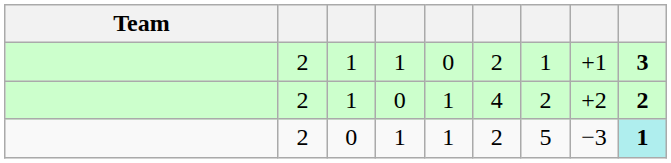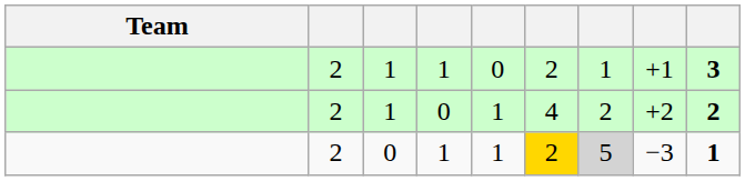 <table class="wikitable" style="text-align:center">
 <tr>
 <th width=175>Team</th>
 <th width=25></th>
 <th width=25></th>
 <th width=25></th>
 <th width=25></th>
 <th width=25></th>
 <th width=25></th>
 <th width=25></th>
 <th width=25></th>
 </tr>
 <tr bgcolor=ccffcc>
 <td style="text-align:left;"></td>
 <td>2</td>
 <td>1</td>
 <td>1</td>
 <td>0</td>
 <td>2</td>
 <td>1</td>
 <td>+1</td>
 <td><strong>3</strong></td>
 </tr>
 <tr bgcolor=ccffcc>
 <td style="text-align:left;"></td>
 <td>2</td>
 <td>1</td>
 <td>0</td>
 <td>1</td>
 <td>4</td>
 <td>2</td>
 <td>+2</td>
 <td><strong>2</strong></td>
 </tr>
 <tr>
 <td style="text-align:left;"></td>
 <td>2</td>
 <td>0</td>
 <td>1</td>
 <td>1</td>
-<td>2</td>
-<td>5</td>
+<td style="background: gold;">2</td>
+<td style="background: lightgrey;">5</td>
 <td>−3</td>
-<td style="background: paleturquoise;"><strong>1</strong></td>
+<td><strong>1</strong></td>
 </tr>
 </table>
